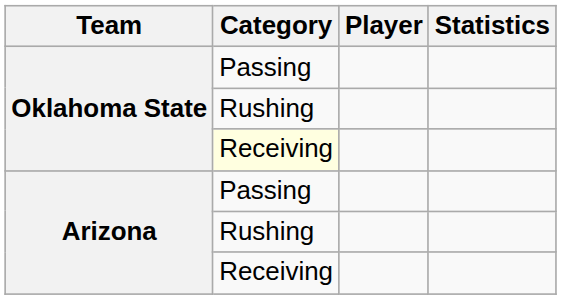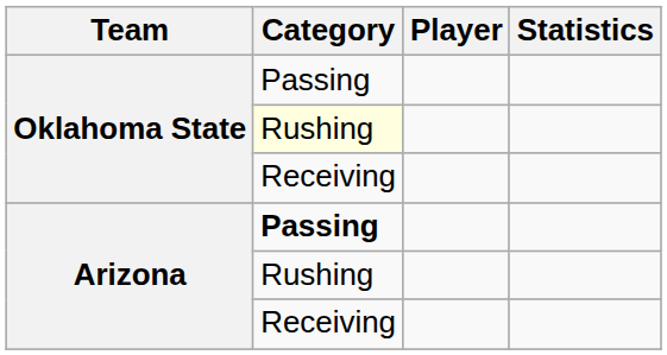 <table class="wikitable" style="float:right">
 <tr>
 <th>Team</th>
 <th>Category</th>
 <th>Player</th>
 <th>Statistics</th>
 </tr>
 <tr>
 <th rowspan=3>Oklahoma State</th>
 <td>Passing</td>
 <td></td>
 <td></td>
 </tr>
 <tr>
-<td>Rushing</td>
+<td style="background: lightyellow;">Rushing</td>
 <td></td>
 <td></td>
 </tr>
 <tr>
-<td style="background: lightyellow;">Receiving</td>
+<td>Receiving</td>
 <td></td>
 <td></td>
 </tr>
 <tr>
 <th rowspan=3>Arizona</th>
-<td>Passing</td>
+<td><strong>Passing</strong></td>
 <td></td>
 <td></td>
 </tr>
 <tr>
 <td>Rushing</td>
 <td></td>
 <td></td>
 </tr>
 <tr>
 <td>Receiving</td>
 <td></td>
 <td></td>
 </tr>
 </table>
